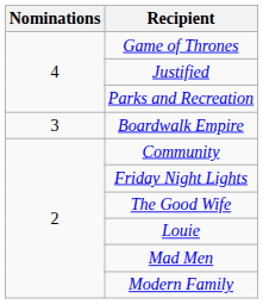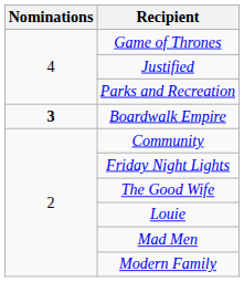 <table class="wikitable sortable" style="text-align: center">
 <tr>
 <th scope="col" style="width:55px;">Nominations</th>
 <th scope="col" style="text-align:center;">Recipient</th>
 </tr>
 <tr>
 <td rowspan=3 style="text-align:center">4</td>
 <td><em><a href='#'>Game of Thrones</a></em></td>
 </tr>
 <tr>
 <td><em><a href='#'>Justified</a></em></td>
 </tr>
 <tr>
 <td><em><a href='#'>Parks and Recreation</a></em></td>
 </tr>
 <tr>
-<td rowspan="1" style="text-align:center;">3</td>
+<td rowspan="1" style="text-align:center;"><strong>3</strong></td>
 <td><em><a href='#'>Boardwalk Empire</a></em></td>
 </tr>
 <tr>
 <td rowspan="6" style="text-align:center">2</td>
 <td><em><a href='#'>Community</a></em></td>
 </tr>
 <tr>
 <td><em><a href='#'>Friday Night Lights</a></em></td>
 </tr>
 <tr>
 <td><em><a href='#'>The Good Wife</a></em></td>
 </tr>
 <tr>
 <td><em><a href='#'>Louie</a></em></td>
 </tr>
 <tr>
 <td><em><a href='#'>Mad Men</a></em></td>
 </tr>
 <tr>
 <td><em><a href='#'>Modern Family</a></em></td>
 </tr>
 </table>
